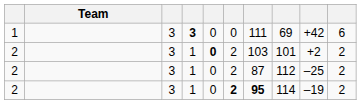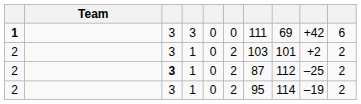 <table class=wikitable style=text-align:center>
 <tr>
 <th width=20 abbr=Position></th>
 <th width=175>Team</th>
 <th width=20 abbr=Played></th>
 <th width=20 abbr=Won></th>
 <th width=20 abbr=Drawn></th>
 <th width=20 abbr=Lost></th>
 <th width=30 abbr=Goal for></th>
 <th width=30 abbr=Goal against></th>
 <th width=30 abbr=Goal difference></th>
 <th width=30 abbr=Points></th>
 </tr>
 <tr>
-<td>1</td>
+<td><strong>1</strong></td>
 <td align=left></td>
 <td>3</td>
-<td><strong>3</strong></td>
+<td>3</td>
 <td>0</td>
 <td>0</td>
 <td>111</td>
 <td>69</td>
 <td>+42</td>
 <td>6</td>
 </tr>
 <tr>
 <td>2</td>
 <td align=left></td>
 <td>3</td>
 <td>1</td>
-<td><strong>0</strong></td>
+<td>0</td>
 <td>2</td>
 <td>103</td>
 <td>101</td>
 <td>+2</td>
 <td>2</td>
 </tr>
 <tr>
 <td>2</td>
 <td align=left></td>
-<td>3</td>
+<td><strong>3</strong></td>
 <td>1</td>
 <td>0</td>
 <td>2</td>
 <td>87</td>
 <td>112</td>
 <td>–25</td>
 <td>2</td>
 </tr>
 <tr>
 <td>2</td>
 <td align=left></td>
 <td>3</td>
 <td>1</td>
 <td>0</td>
-<td><strong>2</strong></td>
-<td><strong>95</strong></td>
+<td>2</td>
+<td>95</td>
 <td>114</td>
 <td>–19</td>
 <td>2</td>
 </tr>
 </table>
